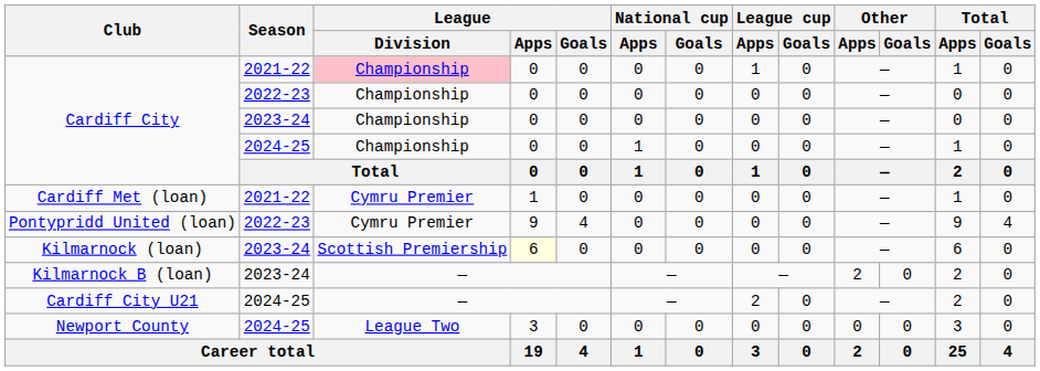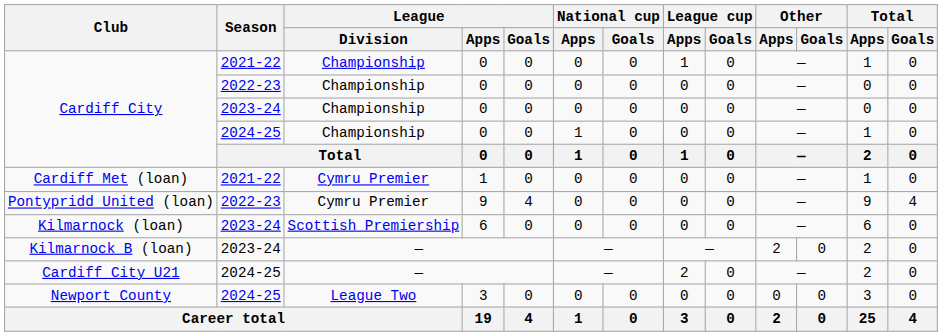 <table class="wikitable" style="text-align:center">
 <tr>
 <th rowspan="2">Club</th>
 <th rowspan="2">Season</th>
 <th colspan="3">League</th>
 <th colspan="2">National cup</th>
 <th colspan="2">League cup</th>
 <th colspan="2">Other</th>
 <th colspan="2">Total</th>
 </tr>
 <tr>
 <th>Division</th>
 <th>Apps</th>
 <th>Goals</th>
 <th>Apps</th>
 <th>Goals</th>
 <th>Apps</th>
 <th>Goals</th>
 <th>Apps</th>
 <th>Goals</th>
 <th>Apps</th>
 <th>Goals</th>
 </tr>
 <tr>
 <td rowspan="5"><a href='#'>Cardiff City</a></td>
 <td><a href='#'>2021-22</a></td>
-<td style="background: pink;"><a href='#'>Championship</a></td>
+<td><a href='#'>Championship</a></td>
 <td>0</td>
 <td>0</td>
 <td>0</td>
 <td>0</td>
 <td>1</td>
 <td>0</td>
 <td colspan="2">—</td>
 <td>1</td>
 <td>0</td>
 </tr>
 <tr>
 <td><a href='#'>2022-23</a></td>
 <td>Championship</td>
 <td>0</td>
 <td>0</td>
 <td>0</td>
 <td>0</td>
 <td>0</td>
 <td>0</td>
 <td colspan="2">—</td>
 <td>0</td>
 <td>0</td>
 </tr>
 <tr>
 <td><a href='#'>2023-24</a></td>
 <td>Championship</td>
 <td>0</td>
 <td>0</td>
 <td>0</td>
 <td>0</td>
 <td>0</td>
 <td>0</td>
 <td colspan="2">—</td>
 <td>0</td>
 <td>0</td>
 </tr>
 <tr>
 <td><a href='#'>2024-25</a></td>
 <td>Championship</td>
 <td>0</td>
 <td>0</td>
 <td>1</td>
 <td>0</td>
 <td>0</td>
 <td>0</td>
 <td colspan="2">—</td>
 <td>1</td>
 <td>0</td>
 </tr>
 <tr>
 <th colspan="2">Total</th>
 <th>0</th>
 <th>0</th>
 <th>1</th>
 <th>0</th>
 <th>1</th>
 <th>0</th>
 <th colspan="2">—</th>
 <th>2</th>
 <th>0</th>
 </tr>
 <tr>
 <td><a href='#'>Cardiff Met</a> (loan)</td>
 <td><a href='#'>2021-22</a></td>
 <td><a href='#'>Cymru Premier</a></td>
 <td>1</td>
 <td>0</td>
 <td>0</td>
 <td>0</td>
 <td>0</td>
 <td>0</td>
 <td colspan="2">—</td>
 <td>1</td>
 <td>0</td>
 </tr>
 <tr>
 <td><a href='#'>Pontypridd United</a> (loan)</td>
 <td><a href='#'>2022-23</a></td>
 <td>Cymru Premier</td>
 <td>9</td>
 <td>4</td>
 <td>0</td>
 <td>0</td>
 <td>0</td>
 <td>0</td>
 <td colspan="2">—</td>
 <td>9</td>
 <td>4</td>
 </tr>
 <tr>
 <td><a href='#'>Kilmarnock</a> (loan)</td>
 <td><a href='#'>2023-24</a></td>
 <td><a href='#'>Scottish Premiership</a></td>
-<td style="background: lightyellow;">6</td>
+<td>6</td>
 <td>0</td>
 <td>0</td>
 <td>0</td>
 <td>0</td>
 <td>0</td>
 <td colspan="2">—</td>
 <td>6</td>
 <td>0</td>
 </tr>
 <tr>
 <td><a href='#'>Kilmarnock B</a> (loan)</td>
 <td>2023-24</td>
 <td colspan="3">—</td>
 <td colspan="2">—</td>
 <td colspan="2">—</td>
 <td>2</td>
 <td>0</td>
 <td>2</td>
 <td>0</td>
 </tr>
 <tr>
 <td><a href='#'>Cardiff City U21</a></td>
 <td>2024-25</td>
 <td colspan="3">—</td>
 <td colspan="2">—</td>
 <td>2</td>
 <td>0</td>
 <td colspan="2">—</td>
 <td>2</td>
 <td>0</td>
 </tr>
 <tr>
 <td><a href='#'>Newport County</a></td>
 <td><a href='#'>2024-25</a></td>
 <td><a href='#'>League Two</a></td>
 <td>3</td>
 <td>0</td>
 <td>0</td>
 <td>0</td>
 <td>0</td>
 <td>0</td>
 <td>0</td>
 <td>0</td>
 <td>3</td>
 <td>0</td>
 </tr>
 <tr>
 <th colspan="3">Career total</th>
 <th>19</th>
 <th>4</th>
 <th>1</th>
 <th>0</th>
 <th>3</th>
 <th>0</th>
 <th>2</th>
 <th>0</th>
 <th>25</th>
 <th>4</th>
 </tr>
 </table>
